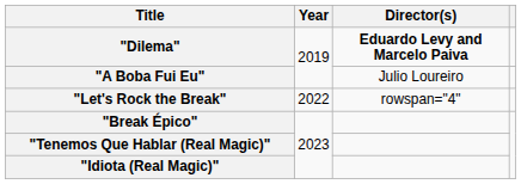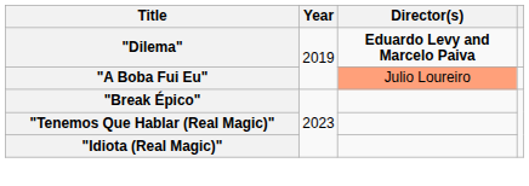 <table class="wikitable plainrowheaders" style="text-align:center;">
 <tr>
 <th scope="col" style="width:20em;">Title</th>
 <th scope="col">Year</th>
 <th scope="col" style="width:12em;">Director(s)</th>
 <th scope="col"></th>
 </tr>
 <tr>
 <th scope="row">"Dilema"<br></th>
 <td rowspan="2">2019</td>
 <td><strong>Eduardo Levy and Marcelo Paiva</strong></td>
 <td></td>
 </tr>
 <tr>
 <th scope="row">"A Boba Fui Eu"<br></th>
-<td>Julio Loureiro</td>
-<td></td>
-</tr>
-<tr>
-<th scope="row">"Let's Rock the Break"</th>
-<td>2022</td>
-<td>rowspan="4" </td>
+<td style="background: lightsalmon;">Julio Loureiro</td>
 <td></td>
 </tr>
 <tr>
 <th scope="row">"Break Épico"<br></th>
 <td rowspan="3">2023</td>
 <td></td>
 </tr>
 <tr>
 <th scope="row">"Tenemos Que Hablar (Real Magic)"<br></th>
 <td></td>
 </tr>
 <tr>
 <th scope="row">"Idiota (Real Magic)"<br></th>
 <td></td>
 </tr>
 </table>
